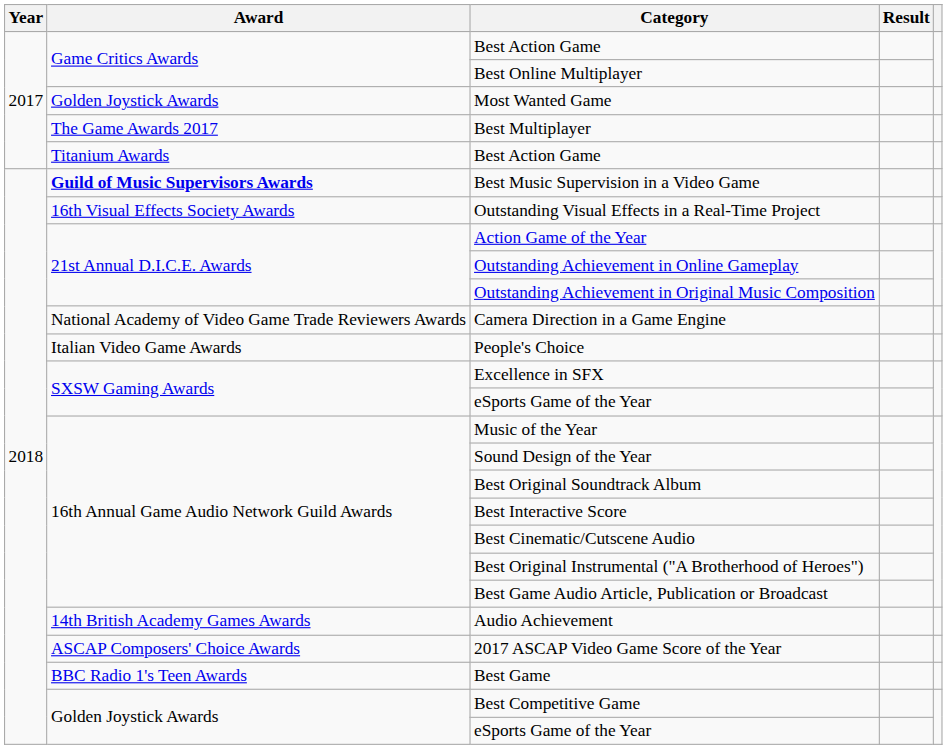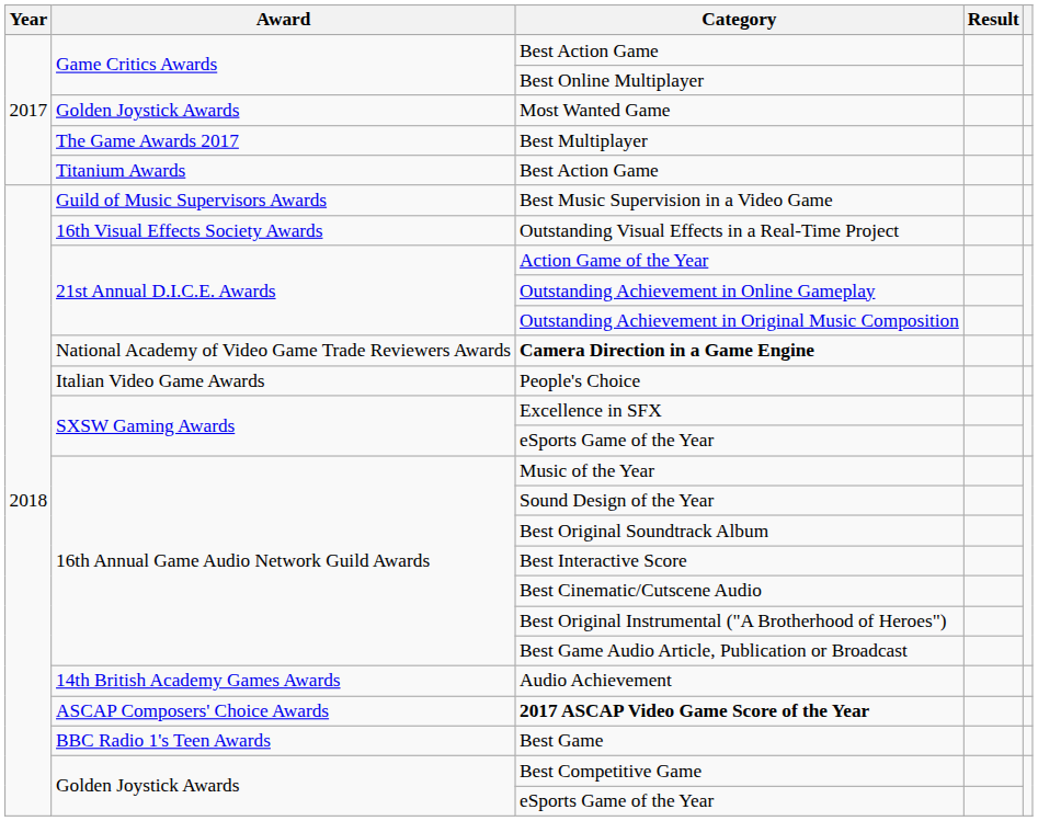 <table class="wikitable sortable">
 <tr>
 <th>Year</th>
 <th>Award</th>
 <th>Category</th>
 <th>Result</th>
 <th></th>
 </tr>
 <tr>
 <td style="text-align:center;" rowspan="5">2017</td>
 <td rowspan="2"><a href='#'>Game Critics Awards</a></td>
 <td>Best Action Game</td>
 <td></td>
 <td rowspan="2" style="text-align:center;"></td>
 </tr>
 <tr>
 <td>Best Online Multiplayer</td>
 <td></td>
 </tr>
 <tr>
 <td rowspan="1"><a href='#'>Golden Joystick Awards</a></td>
 <td>Most Wanted Game</td>
 <td></td>
 <td rowspan="1" style="text-align:center;"></td>
 </tr>
 <tr>
 <td rowspan="1"><a href='#'>The Game Awards 2017</a></td>
 <td>Best Multiplayer</td>
 <td></td>
 <td rowspan="1" style="text-align:center;"></td>
 </tr>
 <tr>
 <td rowspan="1"><a href='#'>Titanium Awards</a></td>
 <td>Best Action Game</td>
 <td></td>
 <td rowspan="1" style="text-align:center;"></td>
 </tr>
 <tr>
 <td style="text-align:center;" rowspan="21">2018</td>
-<td rowspan="1"><strong><a href='#'>Guild of Music Supervisors Awards</a></strong></td>
+<td rowspan="1"><a href='#'>Guild of Music Supervisors Awards</a></td>
 <td>Best Music Supervision in a Video Game</td>
 <td></td>
 <td rowspan="1" style="text-align:center;"></td>
 </tr>
 <tr>
 <td rowspan="1"><a href='#'>16th Visual Effects Society Awards</a></td>
 <td>Outstanding Visual Effects in a Real-Time Project</td>
 <td></td>
 <td rowspan="1" style="text-align:center;"></td>
 </tr>
 <tr>
 <td rowspan="3"><a href='#'>21st Annual D.I.C.E. Awards</a></td>
 <td><a href='#'>Action Game of the Year</a></td>
 <td></td>
 <td rowspan="3" style="text-align:center;"></td>
 </tr>
 <tr>
 <td><a href='#'>Outstanding Achievement in Online Gameplay</a></td>
 <td></td>
 </tr>
 <tr>
 <td><a href='#'>Outstanding Achievement in Original Music Composition</a></td>
 <td></td>
 </tr>
 <tr>
 <td rowspan="1">National Academy of Video Game Trade Reviewers Awards</td>
-<td>Camera Direction in a Game Engine</td>
+<td><strong>Camera Direction in a Game Engine</strong></td>
 <td></td>
 <td rowspan="1" style="text-align:center;"></td>
 </tr>
 <tr>
 <td rowspan="1">Italian Video Game Awards</td>
 <td>People's Choice</td>
 <td></td>
 <td rowspan="1" style="text-align:center;"></td>
 </tr>
 <tr>
 <td rowspan="2"><a href='#'>SXSW Gaming Awards</a></td>
 <td>Excellence in SFX</td>
 <td></td>
 <td rowspan="2" style="text-align:center;"></td>
 </tr>
 <tr>
 <td>eSports Game of the Year</td>
 <td></td>
 </tr>
 <tr>
 <td rowspan="7">16th Annual Game Audio Network Guild Awards</td>
 <td>Music of the Year</td>
 <td></td>
 <td rowspan="7" style="text-align:center;"></td>
 </tr>
 <tr>
 <td>Sound Design of the Year</td>
 <td></td>
 </tr>
 <tr>
 <td>Best Original Soundtrack Album</td>
 <td></td>
 </tr>
 <tr>
 <td>Best Interactive Score</td>
 <td></td>
 </tr>
 <tr>
 <td>Best Cinematic/Cutscene Audio</td>
 <td></td>
 </tr>
 <tr>
 <td>Best Original Instrumental ("A Brotherhood of Heroes")</td>
 <td></td>
 </tr>
 <tr>
 <td>Best Game Audio Article, Publication or Broadcast</td>
 <td></td>
 </tr>
 <tr>
 <td rowspan="1"><a href='#'>14th British Academy Games Awards</a></td>
 <td>Audio Achievement</td>
 <td></td>
 <td rowspan="1" style="text-align:center;"></td>
 </tr>
 <tr>
 <td rowspan="1"><a href='#'>ASCAP Composers' Choice Awards</a></td>
-<td>2017 ASCAP Video Game Score of the Year</td>
+<td><strong>2017 ASCAP Video Game Score of the Year</strong></td>
 <td></td>
 <td rowspan="1" style="text-align:center;"></td>
 </tr>
 <tr>
 <td rowspan="1"><a href='#'>BBC Radio 1's Teen Awards</a></td>
 <td>Best Game</td>
 <td></td>
 <td rowspan="1" style="text-align:center;"></td>
 </tr>
 <tr>
 <td rowspan="2">Golden Joystick Awards</td>
 <td>Best Competitive Game</td>
 <td></td>
 <td rowspan="2" style="text-align:center;"></td>
 </tr>
 <tr>
 <td>eSports Game of the Year</td>
 <td></td>
 </tr>
 </table>
